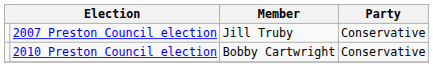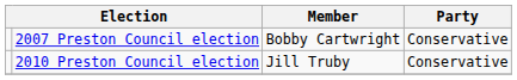 <table class="wikitable">
 <tr>
 <th colspan="2">Election</th>
 <th>Member</th>
 <th>Party</th>
 </tr>
 <tr>
 <td style="background-color: "></td>
 <td><a href='#'>2007 Preston Council election</a></td>
-<td>Jill Truby</td>
+<td>Bobby Cartwright</td>
 <td>Conservative</td>
 </tr>
 <tr>
 <td style="background-color: "></td>
 <td><a href='#'>2010 Preston Council election</a></td>
-<td>Bobby Cartwright</td>
+<td>Jill Truby</td>
 <td>Conservative</td>
 </tr>
 <tr>
 </tr>
 </table>
